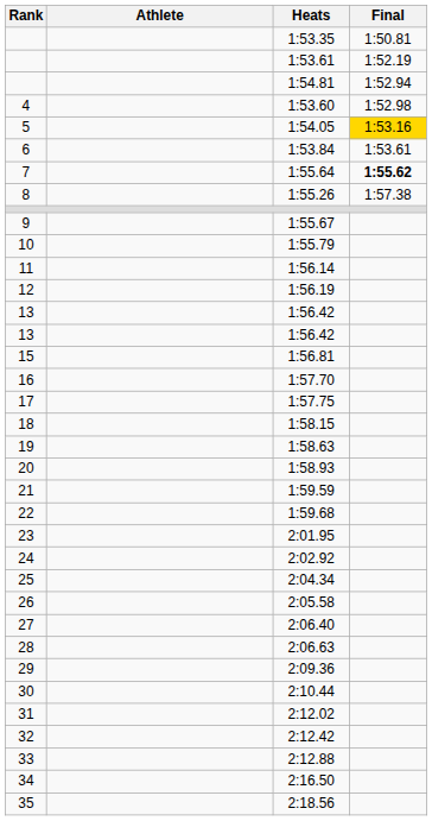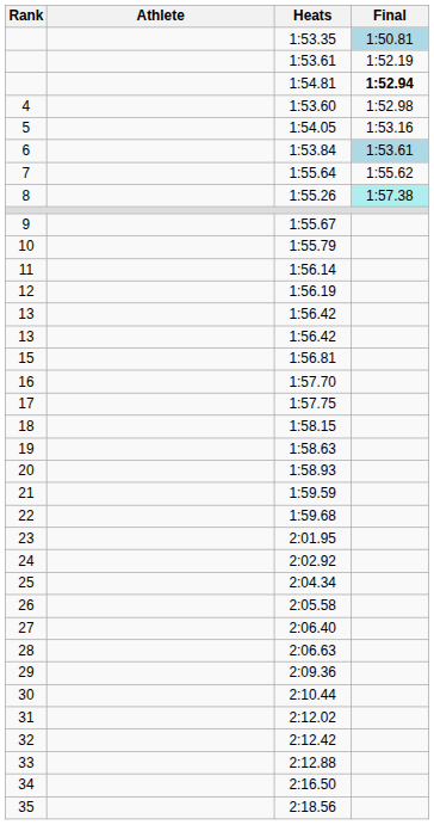 <table class=wikitable style="text-align:center">
 <tr>
 <th width=40>Rank</th>
 <th width=250>Athlete</th>
 <th width=80>Heats</th>
 <th width=80>Final</th>
 </tr>
 <tr>
 <td></td>
 <td align=left></td>
 <td>1:53.35</td>
-<td>1:50.81</td>
+<td style="background: lightblue;">1:50.81</td>
 </tr>
 <tr>
 <td></td>
 <td align=left></td>
 <td>1:53.61</td>
 <td>1:52.19</td>
 </tr>
 <tr>
 <td></td>
 <td align=left></td>
 <td>1:54.81</td>
-<td>1:52.94</td>
+<td><strong>1:52.94</strong></td>
 </tr>
 <tr>
 <td>4</td>
 <td align=left></td>
 <td>1:53.60</td>
 <td>1:52.98</td>
 </tr>
 <tr>
 <td>5</td>
 <td align=left></td>
 <td>1:54.05</td>
-<td style="background: gold;">1:53.16</td>
+<td>1:53.16</td>
 </tr>
 <tr>
 <td>6</td>
 <td align=left></td>
 <td>1:53.84</td>
-<td>1:53.61</td>
+<td style="background: lightblue;">1:53.61</td>
 </tr>
 <tr>
 <td>7</td>
 <td align=left></td>
 <td>1:55.64</td>
-<td><strong>1:55.62</strong></td>
+<td>1:55.62</td>
 </tr>
 <tr>
 <td>8</td>
 <td align=left></td>
 <td>1:55.26</td>
-<td>1:57.38</td>
+<td style="background: paleturquoise;">1:57.38</td>
 </tr>
 <tr bgcolor=#DDDDDD>
 <td colspan=4></td>
 </tr>
 <tr>
 <td>9</td>
 <td align=left></td>
 <td>1:55.67</td>
 <td></td>
 </tr>
 <tr>
 <td>10</td>
 <td align=left></td>
 <td>1:55.79</td>
 <td></td>
 </tr>
 <tr>
 <td>11</td>
 <td align=left></td>
 <td>1:56.14</td>
 <td></td>
 </tr>
 <tr>
 <td>12</td>
 <td align=left></td>
 <td>1:56.19</td>
 <td></td>
 </tr>
 <tr>
 <td>13</td>
 <td align=left></td>
 <td>1:56.42</td>
 <td></td>
 </tr>
 <tr>
 <td>13</td>
 <td align=left></td>
 <td>1:56.42</td>
 <td></td>
 </tr>
 <tr>
 <td>15</td>
 <td align=left></td>
 <td>1:56.81</td>
 <td></td>
 </tr>
 <tr>
 <td>16</td>
 <td align=left></td>
 <td>1:57.70</td>
 <td></td>
 </tr>
 <tr>
 <td>17</td>
 <td align=left></td>
 <td>1:57.75</td>
 <td></td>
 </tr>
 <tr>
 <td>18</td>
 <td align=left></td>
 <td>1:58.15</td>
 <td></td>
 </tr>
 <tr>
 <td>19</td>
 <td align=left></td>
 <td>1:58.63</td>
 <td></td>
 </tr>
 <tr>
 <td>20</td>
 <td align=left></td>
 <td>1:58.93</td>
 <td></td>
 </tr>
 <tr>
 <td>21</td>
 <td align=left></td>
 <td>1:59.59</td>
 <td></td>
 </tr>
 <tr>
 <td>22</td>
 <td align=left></td>
 <td>1:59.68</td>
 <td></td>
 </tr>
 <tr>
 <td>23</td>
 <td align=left></td>
 <td>2:01.95</td>
 <td></td>
 </tr>
 <tr>
 <td>24</td>
 <td align=left></td>
 <td>2:02.92</td>
 <td></td>
 </tr>
 <tr>
 <td>25</td>
 <td align=left></td>
 <td>2:04.34</td>
 <td></td>
 </tr>
 <tr>
 <td>26</td>
 <td align=left></td>
 <td>2:05.58</td>
 <td></td>
 </tr>
 <tr>
 <td>27</td>
 <td align=left></td>
 <td>2:06.40</td>
 <td></td>
 </tr>
 <tr>
 <td>28</td>
 <td align=left></td>
 <td>2:06.63</td>
 <td></td>
 </tr>
 <tr>
 <td>29</td>
 <td align=left></td>
 <td>2:09.36</td>
 <td></td>
 </tr>
 <tr>
 <td>30</td>
 <td align=left></td>
 <td>2:10.44</td>
 <td></td>
 </tr>
 <tr>
 <td>31</td>
 <td align=left></td>
 <td>2:12.02</td>
 <td></td>
 </tr>
 <tr>
 <td>32</td>
 <td align=left></td>
 <td>2:12.42</td>
 <td></td>
 </tr>
 <tr>
 <td>33</td>
 <td align=left></td>
 <td>2:12.88</td>
 <td></td>
 </tr>
 <tr>
 <td>34</td>
 <td align=left></td>
 <td>2:16.50</td>
 <td></td>
 </tr>
 <tr>
 <td>35</td>
 <td align=left></td>
 <td>2:18.56</td>
 <td></td>
 </tr>
 </table>
